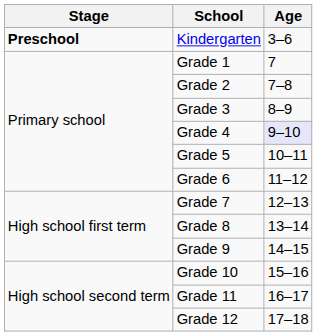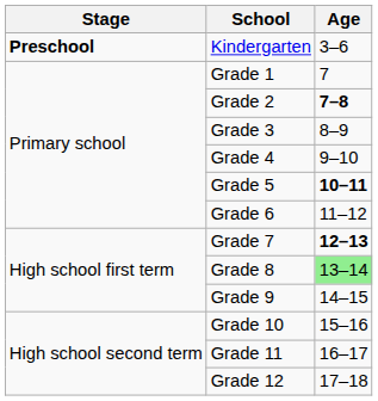 <table class="wikitable">
 <tr>
 <th>Stage</th>
 <th>School</th>
 <th>Age</th>
 </tr>
 <tr>
 <td><strong>Preschool</strong></td>
 <td><a href='#'>Kindergarten</a></td>
 <td>3–6</td>
 </tr>
 <tr>
 <td rowspan="6">Primary school</td>
 <td>Grade 1</td>
 <td>7</td>
 </tr>
 <tr>
 <td>Grade 2</td>
-<td>7–8</td>
+<td><strong>7–8</strong></td>
 </tr>
 <tr>
 <td>Grade 3</td>
 <td>8–9</td>
 </tr>
 <tr>
 <td>Grade 4</td>
-<td style="background: lavender;">9–10</td>
+<td>9–10</td>
 </tr>
 <tr>
 <td>Grade 5</td>
-<td>10–11</td>
+<td><strong>10–11</strong></td>
 </tr>
 <tr>
 <td>Grade 6</td>
 <td>11–12</td>
 </tr>
 <tr>
 <td rowspan="3">High school first term</td>
 <td>Grade 7</td>
-<td>12–13</td>
+<td><strong>12–13</strong></td>
 </tr>
 <tr>
 <td>Grade 8</td>
-<td>13–14</td>
+<td style="background: lightgreen;">13–14</td>
 </tr>
 <tr>
 <td>Grade 9</td>
 <td>14–15</td>
 </tr>
 <tr>
 <td rowspan="3">High school second term</td>
 <td>Grade 10</td>
 <td>15–16</td>
 </tr>
 <tr>
 <td>Grade 11</td>
 <td>16–17</td>
 </tr>
 <tr>
 <td>Grade 12</td>
 <td>17–18</td>
 </tr>
 </table>
